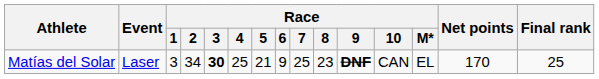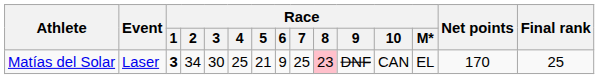 <table class="wikitable" border="1" style="font-size:90%">
 <tr>
 <th rowspan=2>Athlete</th>
 <th rowspan=2>Event</th>
 <th colspan=11>Race</th>
 <th rowspan=2>Net points</th>
 <th rowspan=2>Final rank</th>
 </tr>
 <tr style="font-size:95%">
 <th>1</th>
 <th>2</th>
 <th>3</th>
 <th>4</th>
 <th>5</th>
 <th>6</th>
 <th>7</th>
 <th>8</th>
 <th>9</th>
 <th>10</th>
 <th>M*</th>
 </tr>
 <tr align=center>
 <td align=left><a href='#'>Matías del Solar</a></td>
 <td align=left><a href='#'>Laser</a></td>
-<td>3</td>
+<td><strong>3</strong></td>
 <td>34</td>
-<td><strong>30</strong></td>
+<td>30</td>
 <td>25</td>
 <td>21</td>
 <td>9</td>
 <td>25</td>
-<td>23</td>
-<td><strong><s>DNF</s></strong></td>
+<td style="background: pink;">23</td>
+<td><s>DNF</s></td>
 <td>CAN</td>
 <td>EL</td>
 <td>170</td>
 <td>25</td>
 </tr>
 </table>
